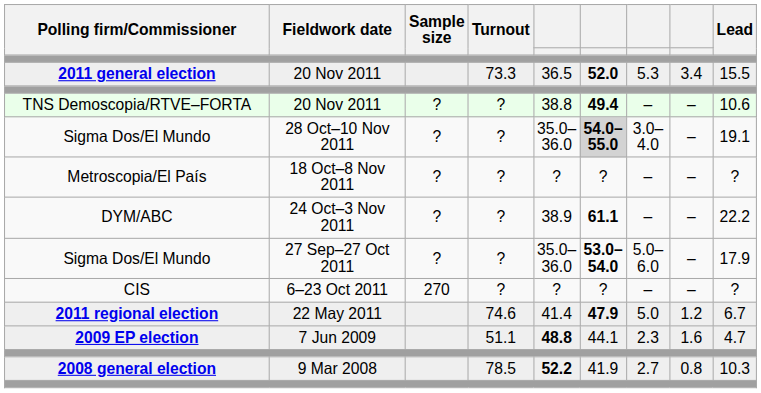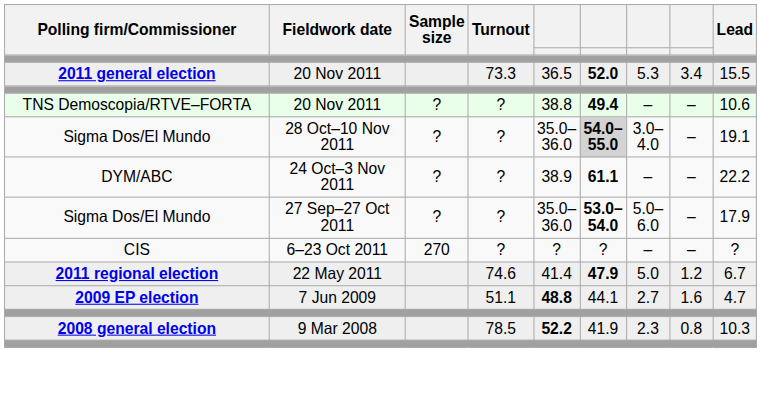 <table class="wikitable collapsible collapsed" style="text-align:center; font-size:95%; line-height:16px;">
 <tr style="height:42px;">
 <th style="width:250px;" rowspan="2">Polling firm/Commissioner</th>
 <th style="width:125px;" rowspan="2">Fieldwork date</th>
 <th style="width:50px;" rowspan="2">Sample size</th>
 <th style="width:45px;" rowspan="2">Turnout</th>
 <th style="width:35px;"></th>
 <th style="width:35px;"></th>
 <th style="width:35px;"></th>
 <th style="width:35px;"></th>
 <th style="width:30px;" rowspan="2">Lead</th>
 </tr>
 <tr>
 <th style="color:inherit;background:"></th>
 <th style="color:inherit;background:"></th>
 <th style="color:inherit;background:"></th>
 <th style="color:inherit;background:"></th>
 </tr>
 <tr>
 <td colspan="9" style="background:#A0A0A0"></td>
 </tr>
 <tr style="background:#EFEFEF;">
 <td><strong><a href='#'>2011 general election</a></strong></td>
 <td>20 Nov 2011</td>
 <td></td>
 <td>73.3</td>
 <td>36.5<br></td>
 <td><strong>52.0</strong><br></td>
 <td>5.3<br></td>
 <td>3.4<br></td>
 <td style="background:">15.5</td>
 </tr>
 <tr>
 <td colspan="9" style="background:#A0A0A0"></td>
 </tr>
 <tr style="background:#EAFFEA;">
 <td>TNS Demoscopia/RTVE–FORTA</td>
 <td>20 Nov 2011</td>
 <td>?</td>
 <td>?</td>
 <td>38.8<br></td>
 <td><strong>49.4</strong><br></td>
 <td>–</td>
 <td>–</td>
 <td style="background:">10.6</td>
 </tr>
 <tr>
 <td>Sigma Dos/El Mundo</td>
 <td>28 Oct–10 Nov 2011</td>
 <td>?</td>
 <td>?</td>
 <td>35.0–<br>36.0<br></td>
 <td style="background: lightgrey;"><strong>54.0–<br>55.0</strong><br></td>
 <td>3.0–<br>4.0<br></td>
 <td>–</td>
 <td style="background:">19.1</td>
 </tr>
 <tr>
-<td>Metroscopia/El País</td>
-<td>18 Oct–8 Nov 2011</td>
-<td>?</td>
-<td>?</td>
-<td>?<br></td>
-<td>?<br></td>
-<td>–</td>
-<td>–</td>
-<td style="background:">?</td>
-</tr>
-<tr>
 <td>DYM/ABC</td>
 <td>24 Oct–3 Nov 2011</td>
 <td>?</td>
 <td>?</td>
 <td>38.9<br></td>
 <td><strong>61.1</strong><br></td>
 <td>–</td>
 <td>–</td>
 <td style="background:">22.2</td>
 </tr>
 <tr>
 <td>Sigma Dos/El Mundo</td>
 <td>27 Sep–27 Oct 2011</td>
 <td>?</td>
 <td>?</td>
 <td>35.0–<br>36.0<br></td>
 <td><strong>53.0–<br>54.0</strong><br></td>
 <td>5.0–<br>6.0<br></td>
 <td>–</td>
 <td style="background:">17.9</td>
 </tr>
 <tr>
 <td>CIS</td>
 <td>6–23 Oct 2011</td>
 <td>270</td>
 <td>?</td>
 <td>?<br></td>
 <td>?<br></td>
 <td>–</td>
 <td>–</td>
 <td style="background:">?</td>
 </tr>
 <tr style="background:#EFEFEF;">
 <td><strong><a href='#'>2011 regional election</a></strong></td>
 <td>22 May 2011</td>
 <td></td>
 <td>74.6</td>
 <td>41.4<br></td>
 <td><strong>47.9</strong><br></td>
 <td>5.0<br></td>
 <td>1.2<br></td>
 <td style="background:">6.7</td>
 </tr>
 <tr style="background:#EFEFEF;">
 <td><strong><a href='#'>2009 EP election</a></strong></td>
 <td>7 Jun 2009</td>
 <td></td>
 <td>51.1</td>
 <td><strong>48.8</strong><br></td>
 <td>44.1<br></td>
-<td>2.3<br></td>
+<td>2.7<br></td>
 <td>1.6<br></td>
 <td style="background:">4.7</td>
 </tr>
 <tr>
 <td colspan="9" style="background:#A0A0A0"></td>
 </tr>
 <tr style="background:#EFEFEF;">
 <td><strong><a href='#'>2008 general election</a></strong></td>
 <td>9 Mar 2008</td>
 <td></td>
 <td>78.5</td>
 <td><strong>52.2</strong><br></td>
 <td>41.9<br></td>
-<td>2.7<br></td>
+<td>2.3<br></td>
 <td>0.8<br></td>
 <td style="background:">10.3</td>
 </tr>
 <tr>
 <td colspan="9" style="background:#A0A0A0"></td>
 </tr>
 </table>
